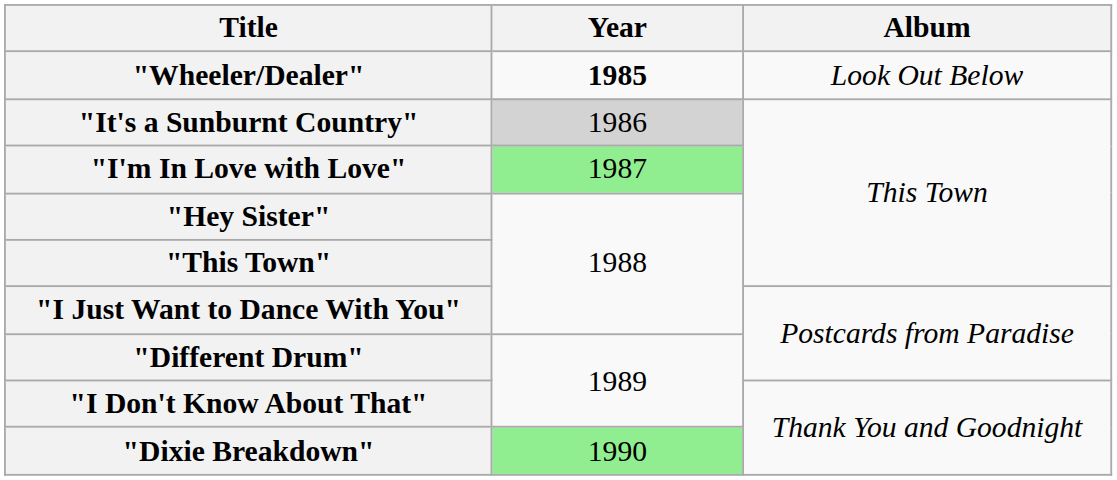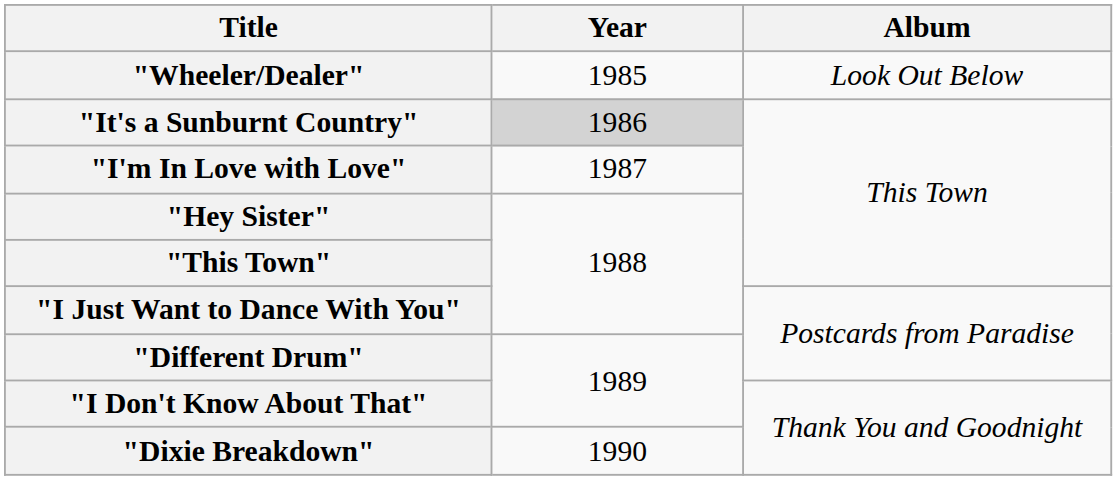 <table class="wikitable mw-collapsible plainrowheaders" style="text-align:center;">
 <tr>
 <th scope="col" rowspan="1" style="width:16em;">Title</th>
 <th scope="col" rowspan="1" style="width:8em;">Year</th>
 <th scope="col" rowspan="1" style="width:12em;">Album</th>
 </tr>
 <tr>
 <th scope="row">"Wheeler/Dealer"</th>
-<td><strong>1985</strong></td>
+<td>1985</td>
 <td><em>Look Out Below</em></td>
 </tr>
 <tr>
 <th scope="row">"It's a Sunburnt Country"</th>
 <td style="background: lightgrey;">1986</td>
 <td rowspan="4"><em>This Town</em></td>
 </tr>
 <tr>
 <th scope="row">"I'm In Love with Love"</th>
-<td style="background: lightgreen;">1987</td>
+<td>1987</td>
 </tr>
 <tr>
 <th scope="row">"Hey Sister"</th>
 <td rowspan="3">1988</td>
 </tr>
 <tr>
 <th scope="row">"This Town"</th>
 </tr>
 <tr>
 <th scope="row">"I Just Want to Dance With You"</th>
 <td rowspan="2"><em>Postcards from Paradise</em></td>
 </tr>
 <tr>
 <th scope="row">"Different Drum"</th>
 <td rowspan="2">1989</td>
 </tr>
 <tr>
 <th scope="row">"I Don't Know About That"</th>
 <td rowspan="2"><em>Thank You and Goodnight</em></td>
 </tr>
 <tr>
 <th scope="row">"Dixie Breakdown"</th>
-<td style="background: lightgreen;">1990</td>
+<td>1990</td>
 </tr>
 </table>
